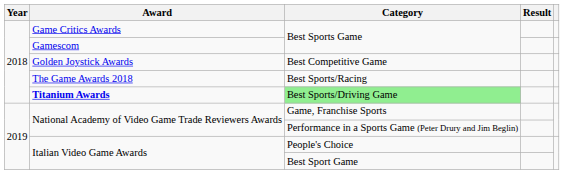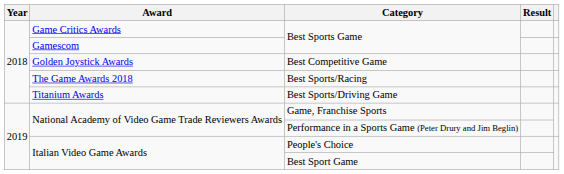 <table class="wikitable sortable">
 <tr>
 <th>Year</th>
 <th>Award</th>
 <th>Category</th>
 <th>Result</th>
 <th></th>
 </tr>
 <tr>
 <td style="text-align:center;" rowspan="5">2018</td>
 <td><a href='#'>Game Critics Awards</a></td>
 <td rowspan="2">Best Sports Game</td>
 <td></td>
 <td style="text-align:center;"></td>
 </tr>
 <tr>
 <td><a href='#'>Gamescom</a></td>
 <td></td>
 <td style="text-align:center;"></td>
 </tr>
 <tr>
 <td><a href='#'>Golden Joystick Awards</a></td>
 <td>Best Competitive Game</td>
 <td></td>
 <td style="text-align:center;"></td>
 </tr>
 <tr>
 <td><a href='#'>The Game Awards 2018</a></td>
 <td>Best Sports/Racing</td>
 <td></td>
 <td style="text-align:center;"></td>
 </tr>
 <tr>
-<td><strong><a href='#'>Titanium Awards</a></strong></td>
-<td style="background: lightgreen;">Best Sports/Driving Game</td>
+<td><a href='#'>Titanium Awards</a></td>
+<td>Best Sports/Driving Game</td>
 <td></td>
 <td style="text-align:center;"></td>
 </tr>
 <tr>
 <td style="text-align:center;" rowspan="4">2019</td>
 <td rowspan="2">National Academy of Video Game Trade Reviewers Awards</td>
 <td>Game, Franchise Sports</td>
 <td></td>
 <td rowspan="2" style="text-align:center;"></td>
 </tr>
 <tr>
 <td>Performance in a Sports Game <small>(Peter Drury and Jim Beglin)</small></td>
 <td></td>
 </tr>
 <tr>
 <td rowspan="2">Italian Video Game Awards</td>
 <td>People's Choice</td>
 <td></td>
 <td rowspan="2" style="text-align:center;"></td>
 </tr>
 <tr>
 <td>Best Sport Game</td>
 <td></td>
 </tr>
 </table>
